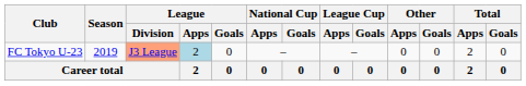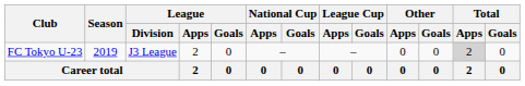 <table class="wikitable" style="text-align: center">
 <tr>
 <th rowspan="2">Club</th>
 <th rowspan="2">Season</th>
 <th colspan="3">League</th>
 <th colspan="2">National Cup</th>
 <th colspan="2">League Cup</th>
 <th colspan="2">Other</th>
 <th colspan="2">Total</th>
 </tr>
 <tr>
 <th>Division</th>
 <th>Apps</th>
 <th>Goals</th>
 <th>Apps</th>
 <th>Goals</th>
 <th>Apps</th>
 <th>Goals</th>
 <th>Apps</th>
 <th>Goals</th>
 <th>Apps</th>
 <th>Goals</th>
 </tr>
 <tr>
 <td><a href='#'>FC Tokyo U-23</a></td>
 <td><a href='#'>2019</a></td>
-<td style="background: lightsalmon;"><a href='#'>J3 League</a></td>
-<td style="background: lightblue;">2</td>
+<td><a href='#'>J3 League</a></td>
+<td>2</td>
 <td>0</td>
 <td colspan="2">–</td>
 <td colspan="2">–</td>
 <td>0</td>
 <td>0</td>
-<td>2</td>
+<td style="background: lightgrey;">2</td>
 <td>0</td>
 </tr>
 <tr>
 <th colspan=3>Career total</th>
 <th>2</th>
 <th>0</th>
 <th>0</th>
 <th>0</th>
 <th>0</th>
 <th>0</th>
 <th>0</th>
 <th>0</th>
 <th>2</th>
 <th>0</th>
 </tr>
 </table>
